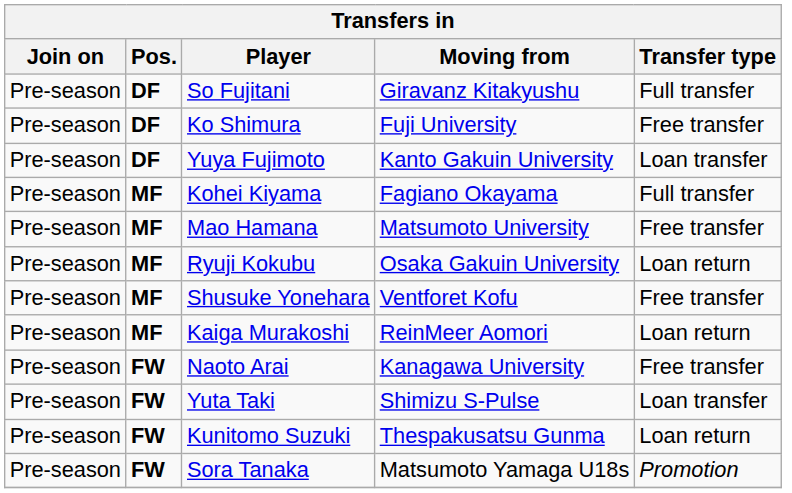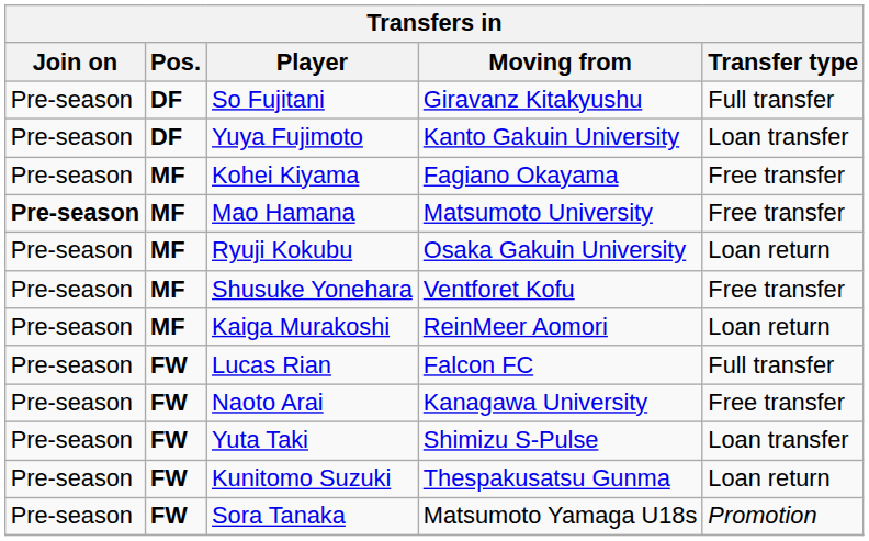 <table class="wikitable sortable" style=“text-align:left;>
 <tr>
 <th colspan="5">Transfers in</th>
 </tr>
 <tr>
 <th>Join on</th>
 <th>Pos.</th>
 <th>Player</th>
 <th>Moving from</th>
 <th>Transfer type</th>
 </tr>
 <tr>
 <td>Pre-season</td>
 <td><strong>DF</strong></td>
 <td> <a href='#'>So Fujitani</a></td>
 <td> <a href='#'>Giravanz Kitakyushu</a></td>
 <td>Full transfer</td>
 </tr>
 <tr>
 <td>Pre-season</td>
 <td><strong>DF</strong></td>
-<td> <a href='#'>Ko Shimura</a></td>
-<td> <a href='#'>Fuji University</a></td>
-<td>Free transfer</td>
-</tr>
-<tr>
-<td>Pre-season</td>
-<td><strong>DF</strong></td>
 <td> <a href='#'>Yuya Fujimoto</a></td>
 <td> <a href='#'>Kanto Gakuin University</a></td>
 <td>Loan transfer</td>
 </tr>
 <tr>
 <td>Pre-season</td>
 <td><strong>MF</strong></td>
 <td> <a href='#'>Kohei Kiyama</a></td>
 <td> <a href='#'>Fagiano Okayama</a></td>
-<td>Full transfer</td>
+<td>Free transfer</td>
 </tr>
 <tr>
-<td>Pre-season</td>
+<td><strong>Pre-season</strong></td>
 <td><strong>MF</strong></td>
 <td> <a href='#'>Mao Hamana</a></td>
 <td> <a href='#'>Matsumoto University</a></td>
 <td>Free transfer</td>
 </tr>
 <tr>
 <td>Pre-season</td>
 <td><strong>MF</strong></td>
 <td> <a href='#'>Ryuji Kokubu</a></td>
 <td> <a href='#'>Osaka Gakuin University</a></td>
 <td>Loan return</td>
 </tr>
 <tr>
 <td>Pre-season</td>
 <td><strong>MF</strong></td>
 <td> <a href='#'>Shusuke Yonehara</a></td>
 <td> <a href='#'>Ventforet Kofu</a></td>
 <td>Free transfer</td>
 </tr>
 <tr>
 <td>Pre-season</td>
 <td><strong>MF</strong></td>
 <td> <a href='#'>Kaiga Murakoshi</a></td>
 <td> <a href='#'>ReinMeer Aomori</a></td>
 <td>Loan return</td>
+</tr>
+<tr>
+<td>Pre-season</td>
+<td><strong>FW</strong></td>
+<td> <a href='#'>Lucas Rian</a></td>
+<td> <a href='#'>Falcon FC</a></td>
+<td>Full transfer</td>
 </tr>
 <tr>
 <td>Pre-season</td>
 <td><strong>FW</strong></td>
 <td> <a href='#'>Naoto Arai</a></td>
 <td> <a href='#'>Kanagawa University</a></td>
 <td>Free transfer</td>
 </tr>
 <tr>
 <td>Pre-season</td>
 <td><strong>FW</strong></td>
 <td> <a href='#'>Yuta Taki</a></td>
 <td> <a href='#'>Shimizu S-Pulse</a></td>
 <td>Loan transfer</td>
 </tr>
 <tr>
 <td>Pre-season</td>
 <td><strong>FW</strong></td>
 <td> <a href='#'>Kunitomo Suzuki</a></td>
 <td> <a href='#'>Thespakusatsu Gunma</a></td>
 <td>Loan return</td>
 </tr>
 <tr>
 <td>Pre-season</td>
 <td><strong>FW</strong></td>
 <td> <a href='#'>Sora Tanaka</a></td>
 <td>Matsumoto Yamaga U18s</td>
 <td><em>Promotion</em></td>
 </tr>
 <tr>
 </tr>
 </table>
